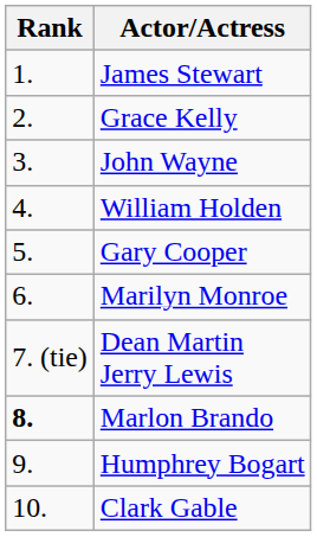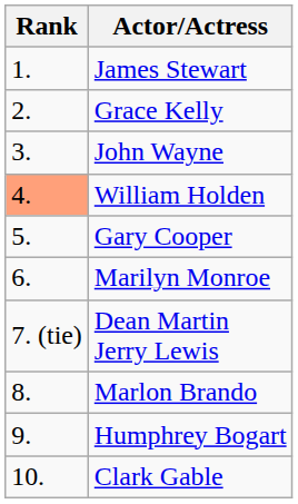 <table class="wikitable">
 <tr>
 <th>Rank</th>
 <th>Actor/Actress</th>
 </tr>
 <tr>
 <td>1.</td>
 <td><a href='#'>James Stewart</a></td>
 </tr>
 <tr>
 <td>2.</td>
 <td><a href='#'>Grace Kelly</a></td>
 </tr>
 <tr>
 <td>3.</td>
 <td><a href='#'>John Wayne</a></td>
 </tr>
 <tr>
-<td>4.</td>
+<td style="background: lightsalmon;">4.</td>
 <td><a href='#'>William Holden</a></td>
 </tr>
 <tr>
 <td>5.</td>
 <td><a href='#'>Gary Cooper</a></td>
 </tr>
 <tr>
 <td>6.</td>
 <td><a href='#'>Marilyn Monroe</a></td>
 </tr>
 <tr>
 <td>7. (tie)</td>
 <td><a href='#'>Dean Martin</a><br><a href='#'>Jerry Lewis</a></td>
 </tr>
 <tr>
-<td><strong>8.</strong></td>
+<td>8.</td>
 <td><a href='#'>Marlon Brando</a></td>
 </tr>
 <tr>
 <td>9.</td>
 <td><a href='#'>Humphrey Bogart</a></td>
 </tr>
 <tr>
 <td>10.</td>
 <td><a href='#'>Clark Gable</a></td>
 </tr>
 </table>
